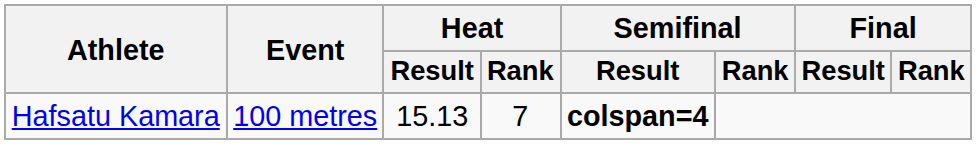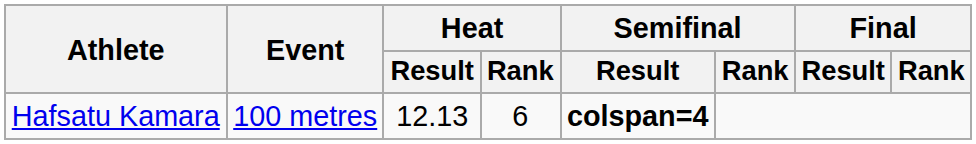 <table class="wikitable" style="font-size:90%">
 <tr>
 <th rowspan="2">Athlete</th>
 <th rowspan="2">Event</th>
 <th colspan="2">Heat</th>
 <th colspan="2">Semifinal</th>
 <th colspan="2">Final</th>
 </tr>
 <tr style="font-size:95%">
 <th>Result</th>
 <th>Rank</th>
 <th>Result</th>
 <th>Rank</th>
 <th>Result</th>
 <th>Rank</th>
 </tr>
 <tr style=text-align:center>
 <td style=text-align:left><a href='#'>Hafsatu Kamara</a></td>
 <td style=text-align:left><a href='#'>100 metres</a></td>
-<td>15.13</td>
-<td>7</td>
+<td>12.13</td>
+<td>6</td>
 <td><strong>colspan=4 </strong></td>
 </tr>
 </table>
